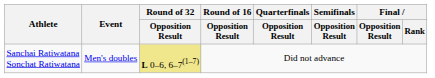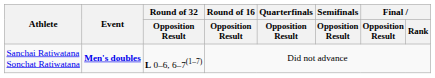 <table class="wikitable" style="font-size:90%;">
 <tr>
 <th rowspan=2>Athlete</th>
 <th rowspan=2>Event</th>
 <th>Round of 32</th>
 <th>Round of 16</th>
 <th>Quarterfinals</th>
 <th>Semifinals</th>
 <th colspan=2>Final / </th>
 </tr>
 <tr style="font-size:95%">
 <th>Opposition<br>Result</th>
 <th>Opposition<br>Result</th>
 <th>Opposition<br>Result</th>
 <th>Opposition<br>Result</th>
 <th>Opposition<br>Result</th>
 <th>Rank</th>
 </tr>
 <tr align=center>
 <td align=left><a href='#'>Sanchai Ratiwatana</a><br><a href='#'>Sonchat Ratiwatana</a></td>
-<td align=left><a href='#'>Men's doubles</a></td>
-<td style="background: khaki;"><br><strong>L</strong> 0–6, 6–7<sup>(1–7)</sup></td>
+<td align=left><strong><a href='#'>Men's doubles</a></strong></td>
+<td><br><strong>L</strong> 0–6, 6–7<sup>(1–7)</sup></td>
 <td colspan=5>Did not advance</td>
 </tr>
 </table>
